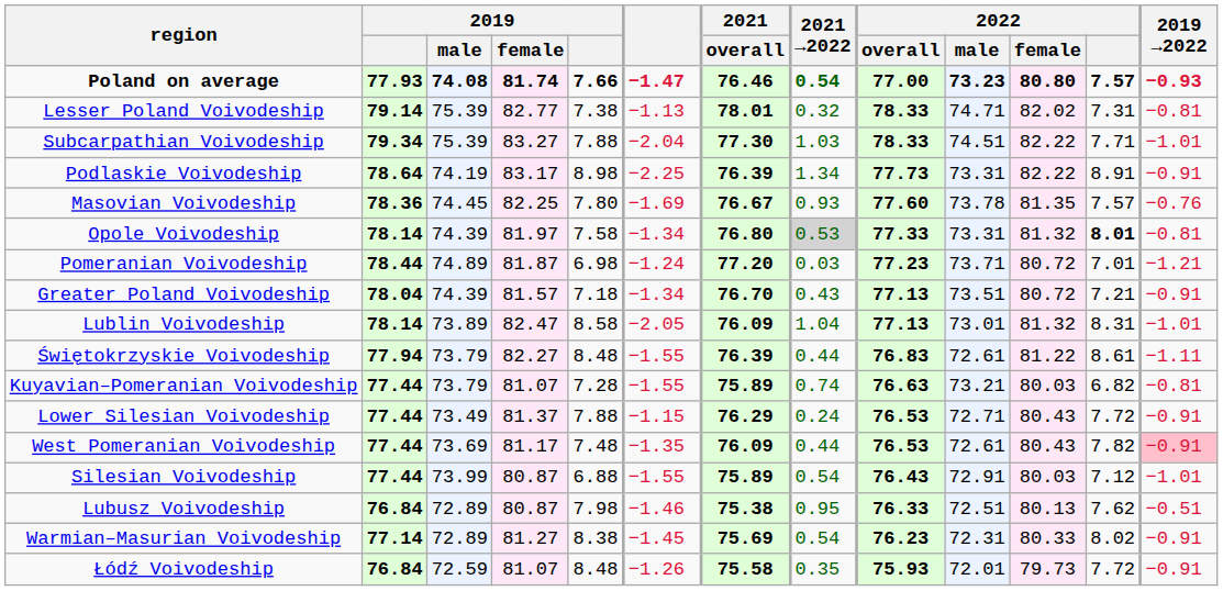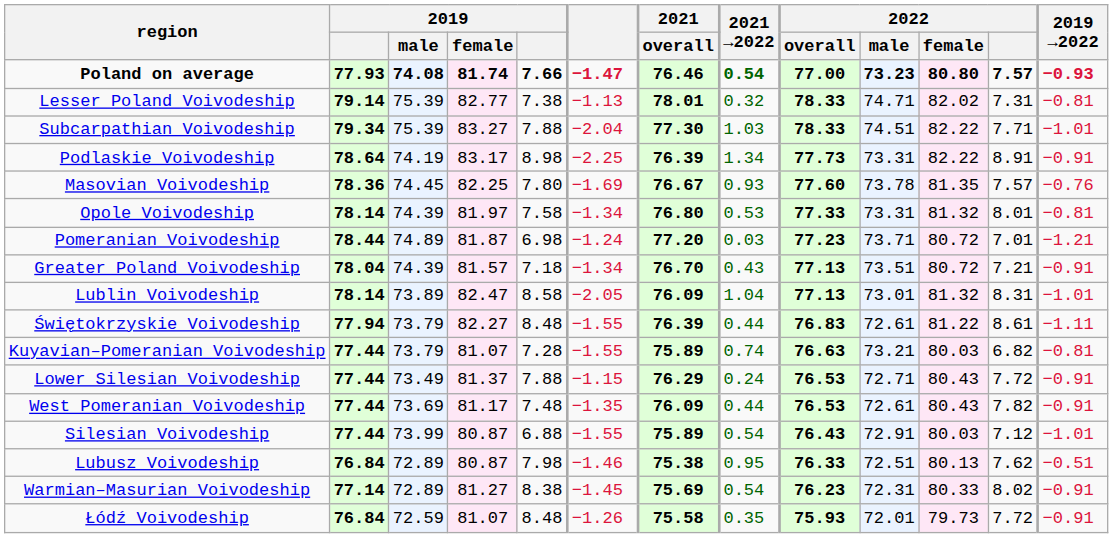 <table class="wikitable sortable mw-datatable static-row-numbers sort-under col1left col6right col8right col13right" style="text-align:center;">
 <tr>
 <th rowspan=2 style="vertical-align:middle;">region</th>
 <th colspan=4>2019</th>
 <th rowspan=2 style="vertical-align:middle;border-left-width:2px;"></th>
 <th style="border-left-width:2px;">2021</th>
 <th rowspan=2 style="vertical-align:middle;border-left-width:2px;">2021<br>→2022</th>
 <th colspan=4 style="border-left-width:2px;">2022</th>
 <th rowspan=2 style="vertical-align:middle;border-left-width:2px;">2019<br>→2022</th>
 </tr>
 <tr>
 <th style="vertical-align:middle;min-width:3em;"></th>
 <th style="vertical-align:middle;min-width:3em;">male</th>
 <th style="vertical-align:middle;min-width:3em;">female</th>
 <th></th>
 <th style="vertical-align:middle;min-width:3em;border-left-width:2px;">overall</th>
 <th style="vertical-align:middle;min-width:3em;border-left-width:2px;">overall</th>
 <th style="vertical-align:middle;min-width:3em;">male</th>
 <th style="vertical-align:middle;min-width:3em;">female</th>
 <th></th>
 </tr>
 <tr class=static-row-header>
 <td><strong>Poland on average</strong></td>
 <td style="background:#e0ffd8;"><strong>77.93</strong></td>
 <td style="background:#eaf3ff;"><strong>74.08</strong></td>
 <td style="background:#fee7f6;"><strong>81.74</strong></td>
 <td><strong>7.66</strong></td>
 <td style="padding-right:1.5ex;color:crimson;border-left-width:2px;"><strong>−1.47</strong></td>
 <td style="background:#e0ffd8;border-left-width:2px;"><strong>76.46</strong></td>
 <td style="padding-right:1.5ex;color:darkgreen;border-left-width:2px;"><strong>0.54</strong></td>
 <td style="background:#e0ffd8;border-left-width:2px;"><strong>77.00</strong></td>
 <td style="background:#eaf3ff;"><strong>73.23</strong></td>
 <td style="background:#fee7f6;"><strong>80.80</strong></td>
 <td><strong>7.57</strong></td>
 <td style="padding-right:1.5ex;color:crimson;border-left-width:2px;"><strong>−0.93</strong></td>
 </tr>
 <tr>
 <td><a href='#'>Lesser Poland Voivodeship</a></td>
 <td style="background:#e0ffd8;"><strong>79.14</strong></td>
 <td style="background:#eaf3ff;">75.39</td>
 <td style="background:#fee7f6;">82.77</td>
 <td>7.38</td>
 <td style="padding-right:1.5ex;color:crimson;border-left-width:2px;">−1.13</td>
 <td style="background:#e0ffd8;border-left-width:2px;"><strong>78.01</strong></td>
 <td style="padding-right:1.5ex;color:darkgreen;border-left-width:2px;">0.32</td>
 <td style="background:#e0ffd8;border-left-width:2px;"><strong>78.33</strong></td>
 <td style="background:#eaf3ff;">74.71</td>
 <td style="background:#fee7f6;">82.02</td>
 <td>7.31</td>
 <td style="padding-right:1.5ex;color:crimson;border-left-width:2px;">−0.81</td>
 </tr>
 <tr>
 <td><a href='#'>Subcarpathian Voivodeship</a></td>
 <td style="background:#e0ffd8;"><strong>79.34</strong></td>
 <td style="background:#eaf3ff;">75.39</td>
 <td style="background:#fee7f6;">83.27</td>
 <td>7.88</td>
 <td style="padding-right:1.5ex;color:crimson;border-left-width:2px;">−2.04</td>
 <td style="background:#e0ffd8;border-left-width:2px;"><strong>77.30</strong></td>
 <td style="padding-right:1.5ex;color:darkgreen;border-left-width:2px;">1.03</td>
 <td style="background:#e0ffd8;border-left-width:2px;"><strong>78.33</strong></td>
 <td style="background:#eaf3ff;">74.51</td>
 <td style="background:#fee7f6;">82.22</td>
 <td>7.71</td>
 <td style="padding-right:1.5ex;color:crimson;border-left-width:2px;">−1.01</td>
 </tr>
 <tr>
 <td><a href='#'>Podlaskie Voivodeship</a></td>
 <td style="background:#e0ffd8;"><strong>78.64</strong></td>
 <td style="background:#eaf3ff;">74.19</td>
 <td style="background:#fee7f6;">83.17</td>
 <td>8.98</td>
 <td style="padding-right:1.5ex;color:crimson;border-left-width:2px;">−2.25</td>
 <td style="background:#e0ffd8;border-left-width:2px;"><strong>76.39</strong></td>
 <td style="padding-right:1.5ex;color:darkgreen;border-left-width:2px;">1.34</td>
 <td style="background:#e0ffd8;border-left-width:2px;"><strong>77.73</strong></td>
 <td style="background:#eaf3ff;">73.31</td>
 <td style="background:#fee7f6;">82.22</td>
 <td>8.91</td>
 <td style="padding-right:1.5ex;color:crimson;border-left-width:2px;">−0.91</td>
 </tr>
 <tr>
 <td><a href='#'>Masovian Voivodeship</a></td>
 <td style="background:#e0ffd8;"><strong>78.36</strong></td>
 <td style="background:#eaf3ff;">74.45</td>
 <td style="background:#fee7f6;">82.25</td>
 <td>7.80</td>
 <td style="padding-right:1.5ex;color:crimson;border-left-width:2px;">−1.69</td>
 <td style="background:#e0ffd8;border-left-width:2px;"><strong>76.67</strong></td>
 <td style="padding-right:1.5ex;color:darkgreen;border-left-width:2px;">0.93</td>
 <td style="background:#e0ffd8;border-left-width:2px;"><strong>77.60</strong></td>
 <td style="background:#eaf3ff;">73.78</td>
 <td style="background:#fee7f6;">81.35</td>
 <td>7.57</td>
 <td style="padding-right:1.5ex;color:crimson;border-left-width:2px;">−0.76</td>
 </tr>
 <tr>
 <td><a href='#'>Opole Voivodeship</a></td>
 <td style="background:#e0ffd8;"><strong>78.14</strong></td>
 <td style="background:#eaf3ff;">74.39</td>
 <td style="background:#fee7f6;">81.97</td>
 <td>7.58</td>
 <td style="padding-right:1.5ex;color:crimson;border-left-width:2px;">−1.34</td>
 <td style="background:#e0ffd8;border-left-width:2px;"><strong>76.80</strong></td>
-<td style="background: lightgrey; padding-right:1.5ex;color:darkgreen;border-left-width:2px;">0.53</td>
+<td style="padding-right:1.5ex;color:darkgreen;border-left-width:2px;">0.53</td>
 <td style="background:#e0ffd8;border-left-width:2px;"><strong>77.33</strong></td>
 <td style="background:#eaf3ff;">73.31</td>
 <td style="background:#fee7f6;">81.32</td>
-<td><strong>8.01</strong></td>
+<td>8.01</td>
 <td style="padding-right:1.5ex;color:crimson;border-left-width:2px;">−0.81</td>
 </tr>
 <tr>
 <td><a href='#'>Pomeranian Voivodeship</a></td>
 <td style="background:#e0ffd8;"><strong>78.44</strong></td>
 <td style="background:#eaf3ff;">74.89</td>
 <td style="background:#fee7f6;">81.87</td>
 <td>6.98</td>
 <td style="padding-right:1.5ex;color:crimson;border-left-width:2px;">−1.24</td>
 <td style="background:#e0ffd8;border-left-width:2px;"><strong>77.20</strong></td>
 <td style="padding-right:1.5ex;color:darkgreen;border-left-width:2px;">0.03</td>
 <td style="background:#e0ffd8;border-left-width:2px;"><strong>77.23</strong></td>
 <td style="background:#eaf3ff;">73.71</td>
 <td style="background:#fee7f6;">80.72</td>
 <td>7.01</td>
 <td style="padding-right:1.5ex;color:crimson;border-left-width:2px;">−1.21</td>
 </tr>
 <tr>
 <td><a href='#'>Greater Poland Voivodeship</a></td>
 <td style="background:#e0ffd8;"><strong>78.04</strong></td>
 <td style="background:#eaf3ff;">74.39</td>
 <td style="background:#fee7f6;">81.57</td>
 <td>7.18</td>
 <td style="padding-right:1.5ex;color:crimson;border-left-width:2px;">−1.34</td>
 <td style="background:#e0ffd8;border-left-width:2px;"><strong>76.70</strong></td>
 <td style="padding-right:1.5ex;color:darkgreen;border-left-width:2px;">0.43</td>
 <td style="background:#e0ffd8;border-left-width:2px;"><strong>77.13</strong></td>
 <td style="background:#eaf3ff;">73.51</td>
 <td style="background:#fee7f6;">80.72</td>
 <td>7.21</td>
 <td style="padding-right:1.5ex;color:crimson;border-left-width:2px;">−0.91</td>
 </tr>
 <tr>
 <td><a href='#'>Lublin Voivodeship</a></td>
 <td style="background:#e0ffd8;"><strong>78.14</strong></td>
 <td style="background:#eaf3ff;">73.89</td>
 <td style="background:#fee7f6;">82.47</td>
 <td>8.58</td>
 <td style="padding-right:1.5ex;color:crimson;border-left-width:2px;">−2.05</td>
 <td style="background:#e0ffd8;border-left-width:2px;"><strong>76.09</strong></td>
 <td style="padding-right:1.5ex;color:darkgreen;border-left-width:2px;">1.04</td>
 <td style="background:#e0ffd8;border-left-width:2px;"><strong>77.13</strong></td>
 <td style="background:#eaf3ff;">73.01</td>
 <td style="background:#fee7f6;">81.32</td>
 <td>8.31</td>
 <td style="padding-right:1.5ex;color:crimson;border-left-width:2px;">−1.01</td>
 </tr>
 <tr>
 <td><a href='#'>Świętokrzyskie Voivodeship</a></td>
 <td style="background:#e0ffd8;"><strong>77.94</strong></td>
 <td style="background:#eaf3ff;">73.79</td>
 <td style="background:#fee7f6;">82.27</td>
 <td>8.48</td>
 <td style="padding-right:1.5ex;color:crimson;border-left-width:2px;">−1.55</td>
 <td style="background:#e0ffd8;border-left-width:2px;"><strong>76.39</strong></td>
 <td style="padding-right:1.5ex;color:darkgreen;border-left-width:2px;">0.44</td>
 <td style="background:#e0ffd8;border-left-width:2px;"><strong>76.83</strong></td>
 <td style="background:#eaf3ff;">72.61</td>
 <td style="background:#fee7f6;">81.22</td>
 <td>8.61</td>
 <td style="padding-right:1.5ex;color:crimson;border-left-width:2px;">−1.11</td>
 </tr>
 <tr>
 <td><a href='#'>Kuyavian–Pomeranian Voivodeship</a></td>
 <td style="background:#e0ffd8;"><strong>77.44</strong></td>
 <td style="background:#eaf3ff;">73.79</td>
 <td style="background:#fee7f6;">81.07</td>
 <td>7.28</td>
 <td style="padding-right:1.5ex;color:crimson;border-left-width:2px;">−1.55</td>
 <td style="background:#e0ffd8;border-left-width:2px;"><strong>75.89</strong></td>
 <td style="padding-right:1.5ex;color:darkgreen;border-left-width:2px;">0.74</td>
 <td style="background:#e0ffd8;border-left-width:2px;"><strong>76.63</strong></td>
 <td style="background:#eaf3ff;">73.21</td>
 <td style="background:#fee7f6;">80.03</td>
 <td>6.82</td>
 <td style="padding-right:1.5ex;color:crimson;border-left-width:2px;">−0.81</td>
 </tr>
 <tr>
 <td><a href='#'>Lower Silesian Voivodeship</a></td>
 <td style="background:#e0ffd8;"><strong>77.44</strong></td>
 <td style="background:#eaf3ff;">73.49</td>
 <td style="background:#fee7f6;">81.37</td>
 <td>7.88</td>
 <td style="padding-right:1.5ex;color:crimson;border-left-width:2px;">−1.15</td>
 <td style="background:#e0ffd8;border-left-width:2px;"><strong>76.29</strong></td>
 <td style="padding-right:1.5ex;color:darkgreen;border-left-width:2px;">0.24</td>
 <td style="background:#e0ffd8;border-left-width:2px;"><strong>76.53</strong></td>
 <td style="background:#eaf3ff;">72.71</td>
 <td style="background:#fee7f6;">80.43</td>
 <td>7.72</td>
 <td style="padding-right:1.5ex;color:crimson;border-left-width:2px;">−0.91</td>
 </tr>
 <tr>
 <td><a href='#'>West Pomeranian Voivodeship</a></td>
 <td style="background:#e0ffd8;"><strong>77.44</strong></td>
 <td style="background:#eaf3ff;">73.69</td>
 <td style="background:#fee7f6;">81.17</td>
 <td>7.48</td>
 <td style="padding-right:1.5ex;color:crimson;border-left-width:2px;">−1.35</td>
 <td style="background:#e0ffd8;border-left-width:2px;"><strong>76.09</strong></td>
 <td style="padding-right:1.5ex;color:darkgreen;border-left-width:2px;">0.44</td>
 <td style="background:#e0ffd8;border-left-width:2px;"><strong>76.53</strong></td>
 <td style="background:#eaf3ff;">72.61</td>
 <td style="background:#fee7f6;">80.43</td>
 <td>7.82</td>
-<td style="background: pink; padding-right:1.5ex;color:crimson;border-left-width:2px;">−0.91</td>
+<td style="padding-right:1.5ex;color:crimson;border-left-width:2px;">−0.91</td>
 </tr>
 <tr>
 <td><a href='#'>Silesian Voivodeship</a></td>
 <td style="background:#e0ffd8;"><strong>77.44</strong></td>
 <td style="background:#eaf3ff;">73.99</td>
 <td style="background:#fee7f6;">80.87</td>
 <td>6.88</td>
 <td style="padding-right:1.5ex;color:crimson;border-left-width:2px;">−1.55</td>
 <td style="background:#e0ffd8;border-left-width:2px;"><strong>75.89</strong></td>
 <td style="padding-right:1.5ex;color:darkgreen;border-left-width:2px;">0.54</td>
 <td style="background:#e0ffd8;border-left-width:2px;"><strong>76.43</strong></td>
 <td style="background:#eaf3ff;">72.91</td>
 <td style="background:#fee7f6;">80.03</td>
 <td>7.12</td>
 <td style="padding-right:1.5ex;color:crimson;border-left-width:2px;">−1.01</td>
 </tr>
 <tr>
 <td><a href='#'>Lubusz Voivodeship</a></td>
 <td style="background:#e0ffd8;"><strong>76.84</strong></td>
 <td style="background:#eaf3ff;">72.89</td>
 <td style="background:#fee7f6;">80.87</td>
 <td>7.98</td>
 <td style="padding-right:1.5ex;color:crimson;border-left-width:2px;">−1.46</td>
 <td style="background:#e0ffd8;border-left-width:2px;"><strong>75.38</strong></td>
 <td style="padding-right:1.5ex;color:darkgreen;border-left-width:2px;">0.95</td>
 <td style="background:#e0ffd8;border-left-width:2px;"><strong>76.33</strong></td>
 <td style="background:#eaf3ff;">72.51</td>
 <td style="background:#fee7f6;">80.13</td>
 <td>7.62</td>
 <td style="padding-right:1.5ex;color:crimson;border-left-width:2px;">−0.51</td>
 </tr>
 <tr>
 <td><a href='#'>Warmian–Masurian Voivodeship</a></td>
 <td style="background:#e0ffd8;"><strong>77.14</strong></td>
 <td style="background:#eaf3ff;">72.89</td>
 <td style="background:#fee7f6;">81.27</td>
 <td>8.38</td>
 <td style="padding-right:1.5ex;color:crimson;border-left-width:2px;">−1.45</td>
 <td style="background:#e0ffd8;border-left-width:2px;"><strong>75.69</strong></td>
 <td style="padding-right:1.5ex;color:darkgreen;border-left-width:2px;">0.54</td>
 <td style="background:#e0ffd8;border-left-width:2px;"><strong>76.23</strong></td>
 <td style="background:#eaf3ff;">72.31</td>
 <td style="background:#fee7f6;">80.33</td>
 <td>8.02</td>
 <td style="padding-right:1.5ex;color:crimson;border-left-width:2px;">−0.91</td>
 </tr>
 <tr>
 <td><a href='#'>Łódź Voivodeship</a></td>
 <td style="background:#e0ffd8;"><strong>76.84</strong></td>
 <td style="background:#eaf3ff;">72.59</td>
 <td style="background:#fee7f6;">81.07</td>
 <td>8.48</td>
 <td style="padding-right:1.5ex;color:crimson;border-left-width:2px;">−1.26</td>
 <td style="background:#e0ffd8;border-left-width:2px;"><strong>75.58</strong></td>
 <td style="padding-right:1.5ex;color:darkgreen;border-left-width:2px;">0.35</td>
 <td style="background:#e0ffd8;border-left-width:2px;"><strong>75.93</strong></td>
 <td style="background:#eaf3ff;">72.01</td>
 <td style="background:#fee7f6;">79.73</td>
 <td>7.72</td>
 <td style="padding-right:1.5ex;color:crimson;border-left-width:2px;">−0.91</td>
 </tr>
 </table>
